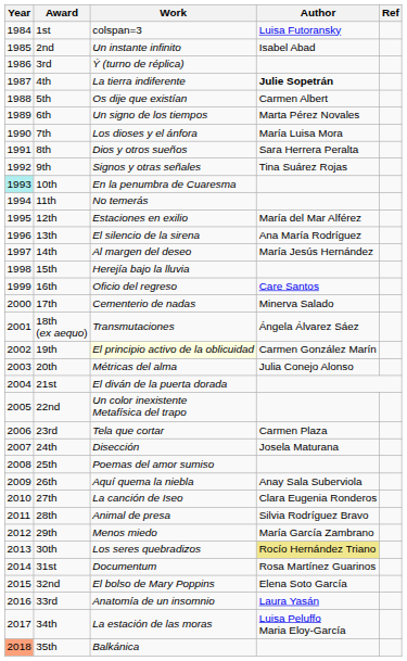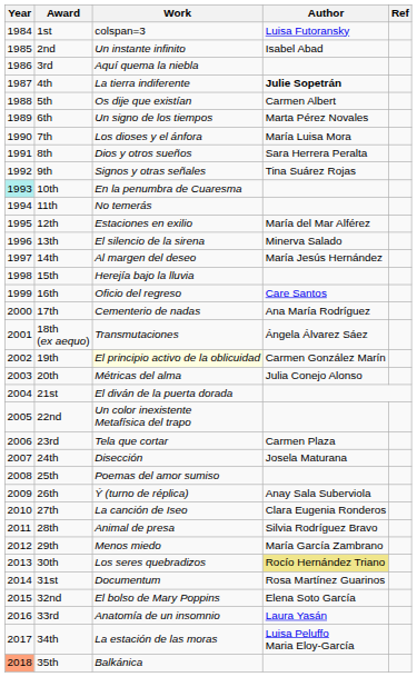 <table class="wikitable">
 <tr>
 <th>Year</th>
 <th>Award</th>
 <th>Work</th>
 <th>Author</th>
 <th>Ref</th>
 </tr>
 <tr>
 <td>1984</td>
 <td>1st</td>
 <td>colspan=3 </td>
 <td><a href='#'>Luisa Futoransky</a></td>
 <td></td>
 </tr>
 <tr>
 <td>1985</td>
 <td>2nd</td>
 <td><em>Un instante infinito</em></td>
 <td>Isabel Abad</td>
 <td></td>
 </tr>
 <tr>
 <td>1986</td>
 <td>3rd</td>
-<td><em>Ý (turno de réplica)</em></td>
+<td><em>Aquí quema la niebla</em></td>
 <td></td>
 <td></td>
 </tr>
 <tr>
 <td>1987</td>
 <td>4th</td>
 <td><em>La tierra indiferente</em></td>
 <td><strong>Julie Sopetrán</strong></td>
 <td></td>
 </tr>
 <tr>
 <td>1988</td>
 <td>5th</td>
 <td><em>Os dije que existían</em></td>
 <td>Carmen Albert</td>
 <td></td>
 </tr>
 <tr>
 <td>1989</td>
 <td>6th</td>
 <td><em>Un signo de los tiempos</em></td>
 <td>Marta Pérez Novales</td>
 <td></td>
 </tr>
 <tr>
 <td>1990</td>
 <td>7th</td>
 <td><em>Los dioses y el ánfora</em></td>
 <td>María Luisa Mora</td>
 <td></td>
 </tr>
 <tr>
 <td>1991</td>
 <td>8th</td>
 <td><em>Dios y otros sueños</em></td>
 <td>Sara Herrera Peralta</td>
 <td></td>
 </tr>
 <tr>
 <td>1992</td>
 <td>9th</td>
 <td><em>Signos y otras señales</em></td>
 <td>Tina Suárez Rojas</td>
 <td></td>
 </tr>
 <tr>
 <td style="background: paleturquoise;">1993</td>
 <td>10th</td>
 <td><em>En la penumbra de Cuaresma</em></td>
 <td></td>
 <td></td>
 </tr>
 <tr>
 <td>1994</td>
 <td>11th</td>
 <td><em>No temerás</em></td>
 <td></td>
 <td></td>
 </tr>
 <tr>
 <td>1995</td>
 <td>12th</td>
 <td><em>Estaciones en exilio</em></td>
 <td>María del Mar Alférez</td>
 <td></td>
 </tr>
 <tr>
 <td>1996</td>
 <td>13th</td>
 <td><em>El silencio de la sirena</em></td>
-<td>Ana María Rodríguez</td>
+<td>Minerva Salado</td>
 <td></td>
 </tr>
 <tr>
 <td>1997</td>
 <td>14th</td>
 <td><em>Al margen del deseo</em></td>
 <td>María Jesús Hernández</td>
 <td></td>
 </tr>
 <tr>
 <td>1998</td>
 <td>15th</td>
 <td><em>Herejía bajo la lluvia</em></td>
 <td></td>
 <td></td>
 </tr>
 <tr>
 <td>1999</td>
 <td>16th</td>
 <td><em>Oficio del regreso</em></td>
 <td><a href='#'>Care Santos</a></td>
 <td></td>
 </tr>
 <tr>
 <td>2000</td>
 <td>17th</td>
 <td><em>Cementerio de nadas</em></td>
-<td>Minerva Salado</td>
+<td>Ana María Rodríguez</td>
 <td></td>
 </tr>
 <tr>
 <td>2001</td>
 <td>18th<br>(<em>ex aequo</em>)</td>
 <td><em>Transmutaciones</em></td>
 <td>Ángela Álvarez Sáez</td>
 <td></td>
 </tr>
 <tr>
 <td>2002</td>
 <td>19th</td>
 <td style="background: lightyellow;"><em>El principio activo de la oblicuidad</em></td>
 <td>Carmen González Marín</td>
 <td></td>
 </tr>
 <tr>
 <td>2003</td>
 <td>20th</td>
 <td><em>Métricas del alma</em></td>
 <td>Julia Conejo Alonso</td>
 <td></td>
 </tr>
 <tr>
 <td>2004</td>
 <td>21st</td>
 <td><em>El diván de la puerta dorada</em></td>
 </tr>
 <tr>
 <td>2005</td>
 <td>22nd</td>
 <td><em>Un color inexistente</em> <br> <em>Metafísica del trapo</em></td>
 <td></td>
 <td></td>
 </tr>
 <tr>
 <td>2006</td>
 <td>23rd</td>
 <td><em>Tela que cortar</em></td>
 <td>Carmen Plaza</td>
 <td></td>
 </tr>
 <tr>
 <td>2007</td>
 <td>24th</td>
 <td><em>Disección</em></td>
 <td>Josela Maturana</td>
 <td></td>
 </tr>
 <tr>
 <td>2008</td>
 <td>25th</td>
 <td><em>Poemas del amor sumiso</em></td>
 <td></td>
 <td></td>
 </tr>
 <tr>
 <td>2009</td>
 <td>26th</td>
-<td><em>Aquí quema la niebla</em></td>
+<td><em>Ý (turno de réplica)</em></td>
 <td>Anay Sala Suberviola</td>
 <td></td>
 </tr>
 <tr>
 <td>2010</td>
 <td>27th</td>
 <td><em>La canción de Iseo</em></td>
 <td>Clara Eugenia Ronderos</td>
 <td></td>
 </tr>
 <tr>
 <td>2011</td>
 <td>28th</td>
 <td><em>Animal de presa</em></td>
 <td>Silvia Rodríguez Bravo</td>
 <td></td>
 </tr>
 <tr>
 <td>2012</td>
 <td>29th</td>
 <td><em>Menos miedo</em></td>
 <td>María García Zambrano</td>
 <td></td>
 </tr>
 <tr>
 <td>2013</td>
 <td>30th</td>
 <td><em>Los seres quebradizos</em></td>
 <td style="background: khaki;">Rocío Hernández Triano</td>
 <td></td>
 </tr>
 <tr>
 <td>2014</td>
 <td>31st</td>
 <td><em>Documentum</em></td>
 <td>Rosa Martínez Guarinos</td>
 <td></td>
 </tr>
 <tr>
 <td>2015</td>
 <td>32nd</td>
 <td><em>El bolso de Mary Poppins</em></td>
 <td>Elena Soto García</td>
 <td></td>
 </tr>
 <tr>
 <td>2016</td>
 <td>33rd</td>
 <td><em>Anatomía de un insomnio</em></td>
 <td><a href='#'>Laura Yasán</a></td>
 <td></td>
 </tr>
 <tr>
 <td>2017</td>
 <td>34th</td>
 <td><em>La estación de las moras</em></td>
 <td><a href='#'>Luisa Peluffo</a> <br> Maria Eloy-García</td>
 <td></td>
 </tr>
 <tr>
 <td style="background: lightsalmon;">2018</td>
 <td>35th</td>
 <td><em>Balkánica</em></td>
 <td></td>
 <td></td>
 </tr>
 </table>
